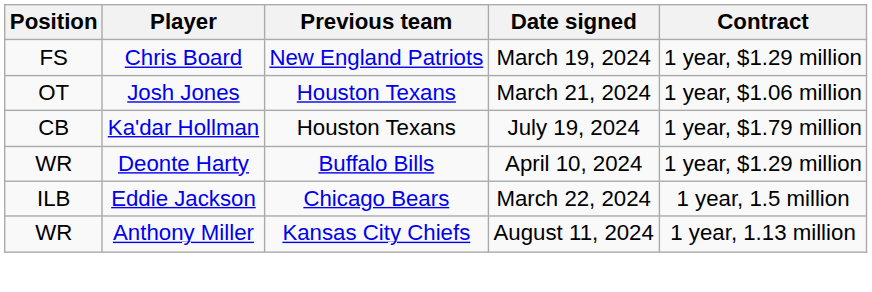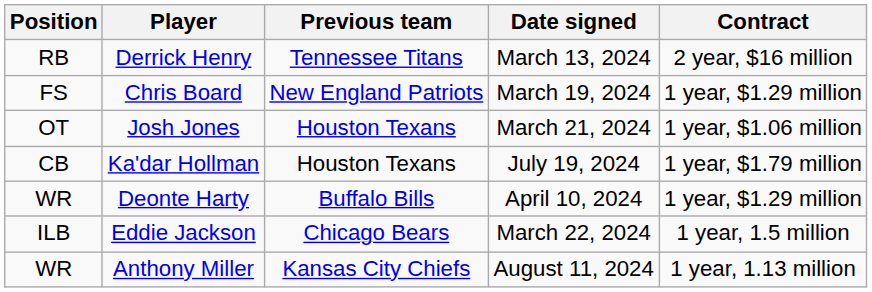 <table class="wikitable" style="text-align:center">
 <tr>
 <th>Position</th>
 <th>Player</th>
 <th>Previous team</th>
 <th>Date signed</th>
 <th>Contract</th>
+</tr>
+<tr>
+<td>RB</td>
+<td><a href='#'>Derrick Henry</a></td>
+<td><a href='#'>Tennessee Titans</a></td>
+<td>March 13, 2024</td>
+<td>2 year, $16 million</td>
 </tr>
 <tr>
 <td>FS</td>
 <td><a href='#'>Chris Board</a></td>
 <td><a href='#'>New England Patriots</a></td>
 <td>March 19, 2024</td>
 <td>1 year, $1.29 million</td>
 </tr>
 <tr>
 <td>OT</td>
 <td><a href='#'>Josh Jones</a></td>
 <td><a href='#'>Houston Texans</a></td>
 <td>March 21, 2024</td>
 <td>1 year, $1.06 million</td>
 </tr>
 <tr>
 <td>CB</td>
 <td><a href='#'>Ka'dar Hollman</a></td>
 <td>Houston Texans</td>
 <td>July 19, 2024</td>
 <td>1 year, $1.79 million</td>
 </tr>
 <tr>
 <td>WR</td>
 <td><a href='#'>Deonte Harty</a></td>
 <td><a href='#'>Buffalo Bills</a></td>
 <td>April 10, 2024</td>
 <td>1 year, $1.29 million</td>
 </tr>
 <tr>
 <td>ILB</td>
 <td><a href='#'>Eddie Jackson</a></td>
 <td><a href='#'>Chicago Bears</a></td>
 <td>March 22, 2024</td>
 <td>1 year, 1.5 million</td>
 </tr>
 <tr>
 <td>WR</td>
 <td><a href='#'>Anthony Miller</a></td>
 <td><a href='#'>Kansas City Chiefs</a></td>
 <td>August 11, 2024</td>
 <td>1 year, 1.13 million</td>
 </tr>
 </table>
